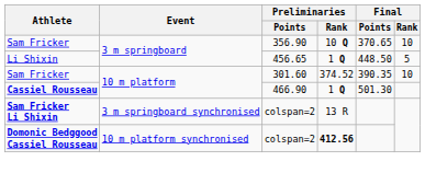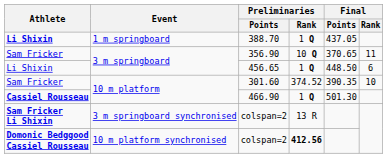 <table class=wikitable style=font-size:90%;text-align:center>
 <tr>
 <th rowspan=2>Athlete</th>
 <th rowspan=2>Event</th>
 <th colspan=2>Preliminaries</th>
 <th colspan=2>Final</th>
 </tr>
 <tr style=font-size:95%>
 <th>Points</th>
 <th>Rank</th>
 <th>Points</th>
 <th>Rank</th>
 </tr>
 <tr>
+<td align=left><strong><a href='#'>Li Shixin</a></strong></td>
+<td align=left><a href='#'>1 m springboard</a></td>
+<td>388.70</td>
+<td>1 <strong>Q</strong></td>
+<td>437.05</td>
+<td></td>
+</tr>
+<tr>
 <td align=left><a href='#'>Sam Fricker</a></td>
 <td align=left rowspan=2><a href='#'>3 m springboard</a></td>
 <td>356.90</td>
 <td>10 <strong>Q</strong></td>
 <td>370.65</td>
-<td>10</td>
+<td>11</td>
 </tr>
 <tr>
 <td align=left><a href='#'>Li Shixin</a></td>
 <td>456.65</td>
 <td>1 <strong>Q</strong></td>
 <td>448.50</td>
-<td>5</td>
+<td>6</td>
 </tr>
 <tr>
 <td align=left><a href='#'>Sam Fricker</a></td>
 <td align=left rowspan=2><a href='#'>10 m platform</a></td>
 <td>301.60</td>
 <td>374.52</td>
 <td>390.35</td>
 <td>10</td>
 </tr>
 <tr>
 <td align=left><strong><a href='#'>Cassiel Rousseau</a></strong></td>
 <td>466.90</td>
 <td>1 <strong>Q</strong></td>
 <td>501.30</td>
 <td></td>
 </tr>
 <tr>
 <td align=left><strong><a href='#'>Sam Fricker</a></strong> <br> <strong><a href='#'>Li Shixin</a></strong></td>
 <td align=left><a href='#'>3 m springboard synchronised</a></td>
 <td>colspan=2 </td>
 <td>13 R</td>
 <td></td>
 </tr>
 <tr>
 <td align=left><strong><a href='#'>Domonic Bedggood</a></strong> <br> <strong><a href='#'>Cassiel Rousseau</a></strong></td>
 <td align=left><a href='#'>10 m platform synchronised</a></td>
 <td>colspan=2 </td>
 <td><strong>412.56</strong></td>
 <td></td>
 </tr>
 </table>
